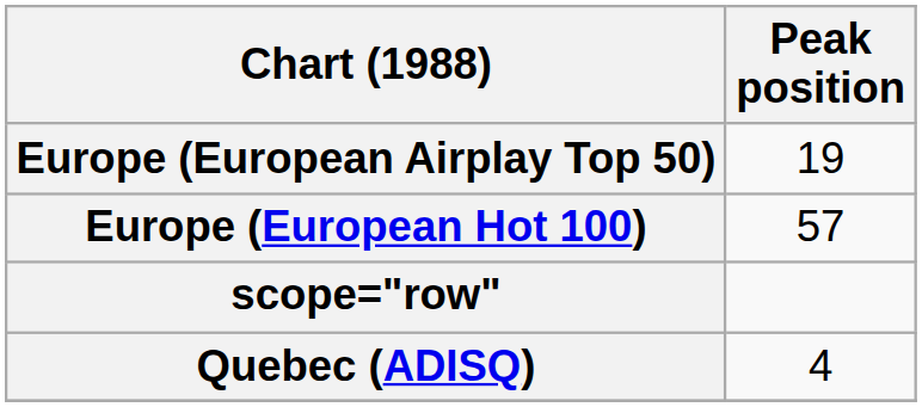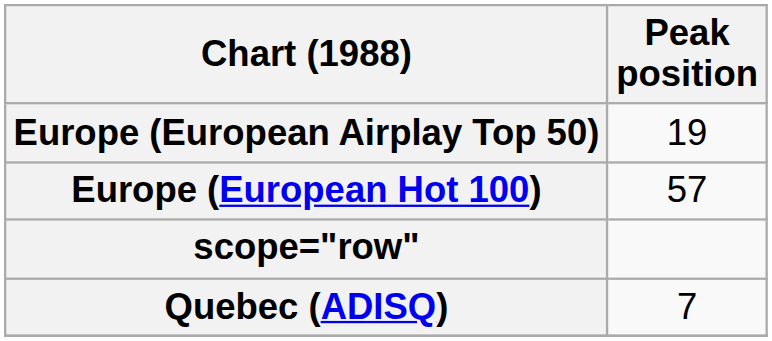 <table class="wikitable sortable plainrowheaders">
 <tr>
 <th>Chart (1988)</th>
 <th>Peak<br>position</th>
 </tr>
 <tr>
 <th scope="row">Europe (European Airplay Top 50)</th>
 <td align="center">19</td>
 </tr>
 <tr>
 <th scope="row">Europe (<a href='#'>European Hot 100</a>)</th>
 <td align="center">57</td>
 </tr>
 <tr>
 <th>scope="row"</th>
 </tr>
 <tr>
 <th scope="row">Quebec (<a href='#'>ADISQ</a>)</th>
-<td align="center">4</td>
+<td align="center">7</td>
 </tr>
 <tr>
 </tr>
 </table>
